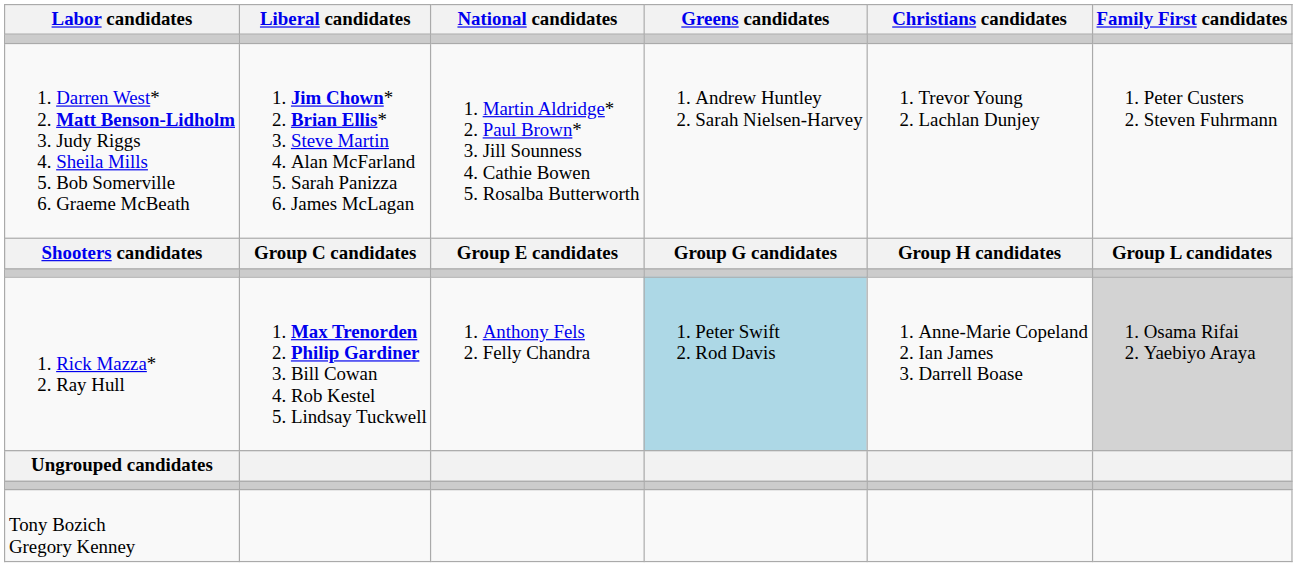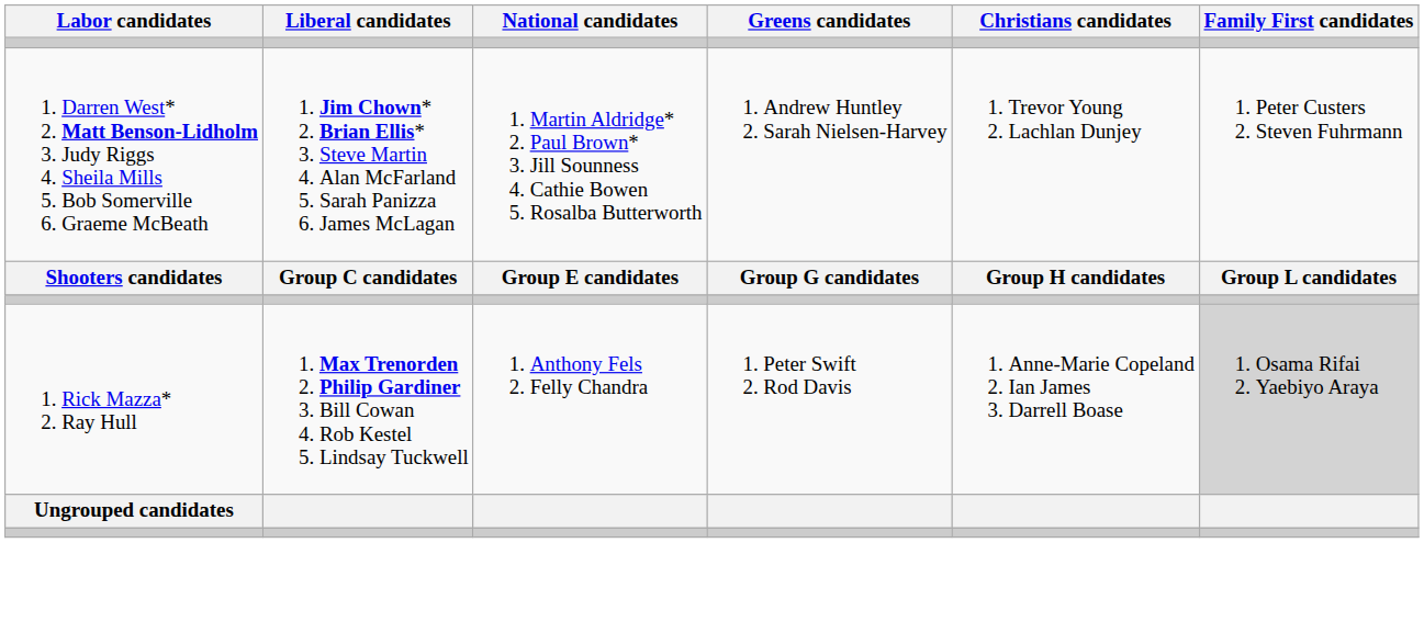 <table class="wikitable">
 <tr>
 <th><a href='#'>Labor</a> candidates</th>
 <th><a href='#'>Liberal</a> candidates</th>
 <th><a href='#'>National</a> candidates</th>
 <th><a href='#'>Greens</a> candidates</th>
 <th><a href='#'>Christians</a> candidates</th>
 <th><a href='#'>Family First</a> candidates</th>
 </tr>
 <tr bgcolor="#cccccc">
 <td></td>
 <td></td>
 <td></td>
 <td></td>
 <td></td>
 <td></td>
 </tr>
 <tr>
 <td><br><ol><li><a href='#'>Darren West</a>*</li><li><strong><a href='#'>Matt Benson-Lidholm</a></strong></li><li>Judy Riggs</li><li><a href='#'>Sheila Mills</a></li><li>Bob Somerville</li><li>Graeme McBeath</li></ol></td>
 <td><br><ol><li><strong><a href='#'>Jim Chown</a></strong>*</li><li><strong><a href='#'>Brian Ellis</a></strong>*</li><li><a href='#'>Steve Martin</a></li><li>Alan McFarland</li><li>Sarah Panizza</li><li>James McLagan</li></ol></td>
 <td><br><ol><li><a href='#'>Martin Aldridge</a>*</li><li><a href='#'>Paul Brown</a>*</li><li>Jill Sounness</li><li>Cathie Bowen</li><li>Rosalba Butterworth</li></ol></td>
 <td valign=top><br><ol><li>Andrew Huntley</li><li>Sarah Nielsen-Harvey</li></ol></td>
 <td valign=top><br><ol><li>Trevor Young</li><li>Lachlan Dunjey</li></ol></td>
 <td valign=top><br><ol><li>Peter Custers</li><li>Steven Fuhrmann</li></ol></td>
 </tr>
 <tr bgcolor="#cccccc">
 <th><a href='#'>Shooters</a> candidates</th>
 <th>Group C candidates</th>
 <th>Group E candidates</th>
 <th>Group G candidates</th>
 <th>Group H candidates</th>
 <th>Group L candidates</th>
 </tr>
 <tr bgcolor="#cccccc">
 <td></td>
 <td></td>
 <td></td>
 <td></td>
 <td></td>
 <td></td>
 </tr>
 <tr>
 <td><br><ol><li><a href='#'>Rick Mazza</a>*</li><li>Ray Hull</li></ol></td>
 <td valign=top><br><ol><li><strong><a href='#'>Max Trenorden</a></strong></li><li><strong><a href='#'>Philip Gardiner</a></strong></li><li>Bill Cowan</li><li>Rob Kestel</li><li>Lindsay Tuckwell</li></ol></td>
 <td valign=top><br><ol><li><a href='#'>Anthony Fels</a></li><li>Felly Chandra</li></ol></td>
-<td valign=top style="background: lightblue;"><br><ol><li>Peter Swift</li><li>Rod Davis</li></ol></td>
+<td valign=top><br><ol><li>Peter Swift</li><li>Rod Davis</li></ol></td>
 <td valign=top><br><ol><li>Anne-Marie Copeland</li><li>Ian James</li><li>Darrell Boase</li></ol></td>
 <td valign=top style="background: lightgrey;"><br><ol><li>Osama Rifai</li><li>Yaebiyo Araya</li></ol></td>
 </tr>
 <tr bgcolor="#cccccc">
 <th>Ungrouped candidates</th>
 <th></th>
 <th></th>
 <th></th>
 <th></th>
 <th></th>
 </tr>
 <tr bgcolor="#cccccc">
 <td></td>
 <td></td>
 <td></td>
 <td></td>
 <td></td>
 <td></td>
 </tr>
-<tr>
-<td valign=top><br>Tony Bozich <br> Gregory Kenney</td>
-<td valign=top></td>
-<td valign=top></td>
-<td valign=top></td>
-<td valign=top></td>
-<td valign=top></td>
-</tr>
 </table>
